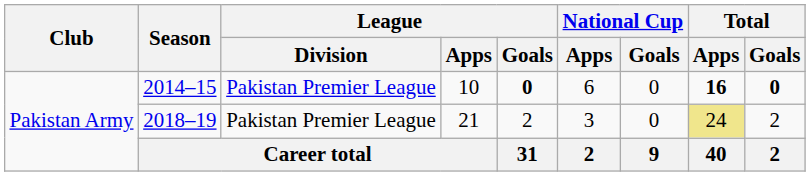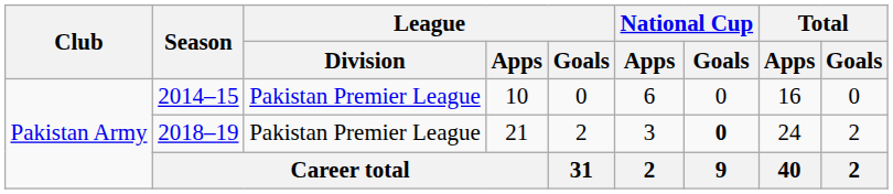 <table class="wikitable" style="text-align: center;">
 <tr>
 <th rowspan="2">Club</th>
 <th rowspan="2">Season</th>
 <th colspan="3">League</th>
 <th colspan="2"><a href='#'>National Cup</a></th>
 <th colspan="2">Total</th>
 </tr>
 <tr>
 <th>Division</th>
 <th>Apps</th>
 <th>Goals</th>
 <th>Apps</th>
 <th>Goals</th>
 <th>Apps</th>
 <th>Goals</th>
 </tr>
 <tr>
 <td rowspan="3"><a href='#'>Pakistan Army</a></td>
 <td><a href='#'>2014–15</a></td>
 <td><a href='#'>Pakistan Premier League</a></td>
 <td>10</td>
-<td><strong>0</strong></td>
+<td>0</td>
 <td>6</td>
 <td>0</td>
-<td><strong>16</strong></td>
-<td><strong>0</strong></td>
+<td>16</td>
+<td>0</td>
 </tr>
 <tr>
 <td><a href='#'>2018–19</a></td>
 <td>Pakistan Premier League</td>
 <td>21</td>
 <td>2</td>
 <td>3</td>
-<td>0</td>
-<td style="background: khaki;">24</td>
+<td><strong>0</strong></td>
+<td>24</td>
 <td>2</td>
 </tr>
 <tr>
 <th colspan="3">Career total</th>
 <th>31</th>
 <th>2</th>
 <th>9</th>
 <th>40</th>
 <th>2</th>
 </tr>
 </table>
